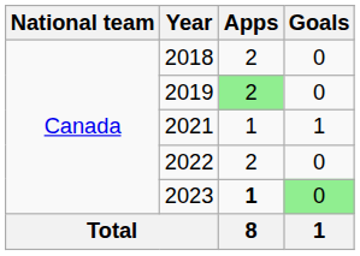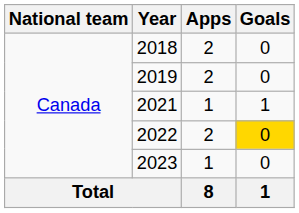 <table class="wikitable" style="text-align:center">
 <tr>
 <th>National team</th>
 <th>Year</th>
 <th>Apps</th>
 <th>Goals</th>
 </tr>
 <tr>
 <td rowspan="5"><a href='#'>Canada</a></td>
 <td>2018</td>
 <td>2</td>
 <td>0</td>
 </tr>
 <tr>
 <td>2019</td>
-<td style="background: lightgreen;">2</td>
+<td>2</td>
 <td>0</td>
 </tr>
 <tr>
 <td>2021</td>
 <td>1</td>
 <td>1</td>
 </tr>
 <tr>
 <td>2022</td>
 <td>2</td>
-<td>0</td>
+<td style="background: gold;">0</td>
 </tr>
 <tr>
 <td>2023</td>
-<td><strong>1</strong></td>
-<td style="background: lightgreen;">0</td>
+<td>1</td>
+<td>0</td>
 </tr>
 <tr>
 <th colspan="2">Total</th>
 <th>8</th>
 <th>1</th>
 </tr>
 </table>
